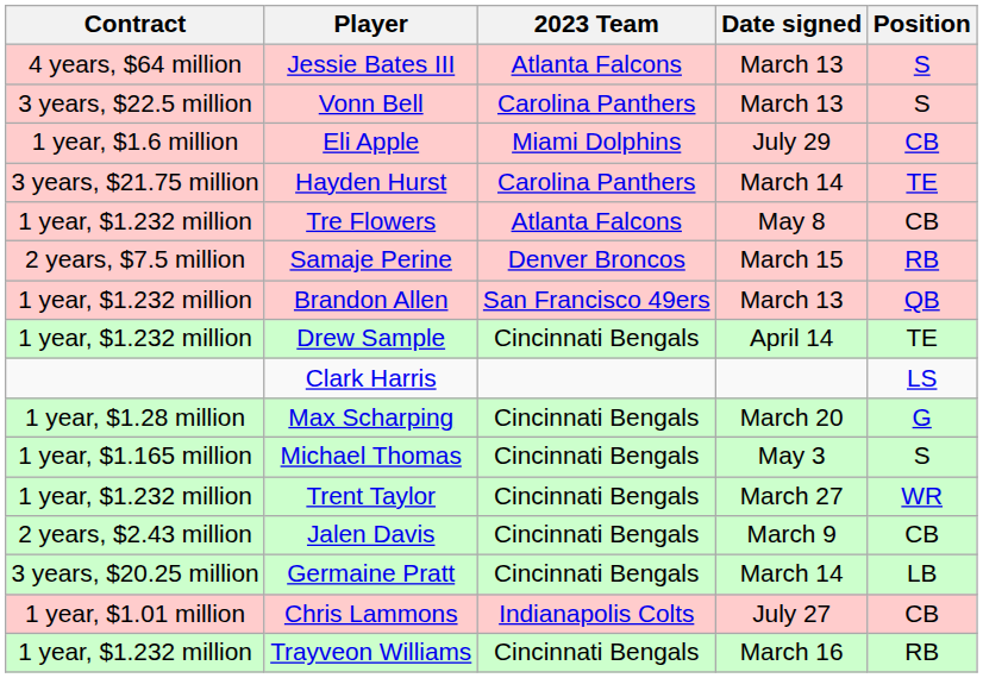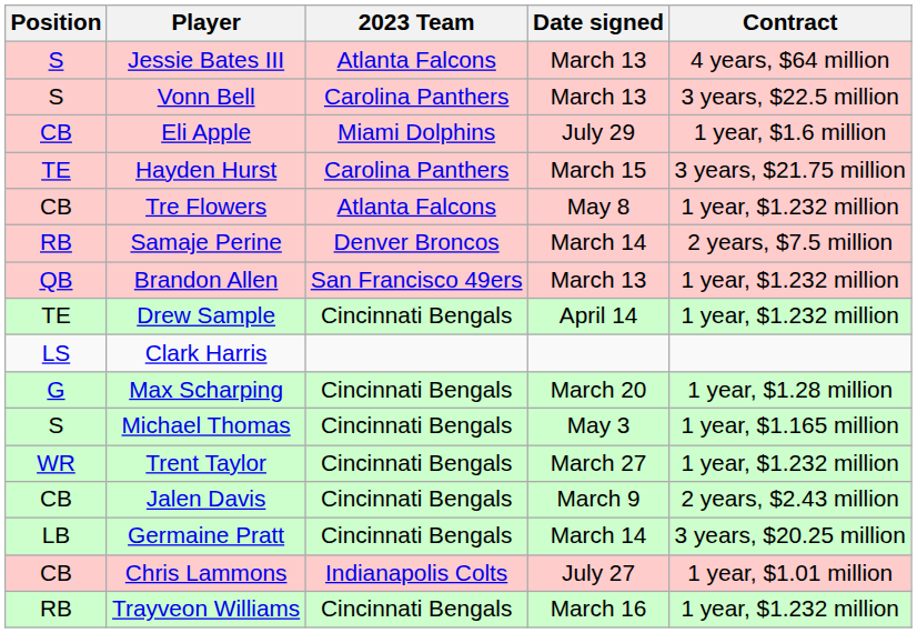 <table class="wikitable" style="text-align:center">
 <tr>
-<th>Contract</th>
+<th>Position</th>
 <th>Player</th>
 <th>2023 Team</th>
 <th>Date signed</th>
-<th>Position</th>
+<th>Contract</th>
 </tr>
 <tr style="background:#fcc;">
-<td>4 years, $64 million</td>
+<td><a href='#'>S</a></td>
 <td><a href='#'>Jessie Bates III</a></td>
 <td><a href='#'>Atlanta Falcons</a></td>
 <td>March 13</td>
-<td><a href='#'>S</a></td>
+<td>4 years, $64 million</td>
 </tr>
 <tr style="background:#fcc;">
-<td>3 years, $22.5 million</td>
+<td>S</td>
 <td><a href='#'>Vonn Bell</a></td>
 <td><a href='#'>Carolina Panthers</a></td>
 <td>March 13</td>
-<td>S</td>
+<td>3 years, $22.5 million</td>
 </tr>
 <tr style="background:#fcc;">
-<td>1 year, $1.6 million</td>
+<td><a href='#'>CB</a></td>
 <td><a href='#'>Eli Apple</a></td>
 <td><a href='#'>Miami Dolphins</a></td>
 <td>July 29</td>
-<td><a href='#'>CB</a></td>
+<td>1 year, $1.6 million</td>
 </tr>
 <tr style="background:#fcc;">
-<td>3 years, $21.75 million</td>
+<td><a href='#'>TE</a></td>
 <td><a href='#'>Hayden Hurst</a></td>
 <td><a href='#'>Carolina Panthers</a></td>
-<td>March 14</td>
-<td><a href='#'>TE</a></td>
+<td>March 15</td>
+<td>3 years, $21.75 million</td>
 </tr>
 <tr style="background:#fcc;">
-<td>1 year, $1.232 million</td>
+<td>CB</td>
 <td><a href='#'>Tre Flowers</a></td>
 <td><a href='#'>Atlanta Falcons</a></td>
 <td>May 8</td>
-<td>CB</td>
+<td>1 year, $1.232 million</td>
 </tr>
 <tr style="background:#fcc;">
-<td>2 years, $7.5 million</td>
+<td><a href='#'>RB</a></td>
 <td><a href='#'>Samaje Perine</a></td>
 <td><a href='#'>Denver Broncos</a></td>
-<td>March 15</td>
-<td><a href='#'>RB</a></td>
+<td>March 14</td>
+<td>2 years, $7.5 million</td>
 </tr>
 <tr style="background:#fcc;">
-<td>1 year, $1.232 million</td>
+<td><a href='#'>QB</a></td>
 <td><a href='#'>Brandon Allen</a></td>
 <td><a href='#'>San Francisco 49ers</a></td>
 <td>March 13</td>
-<td><a href='#'>QB</a></td>
+<td>1 year, $1.232 million</td>
 </tr>
 <tr style="background:#cfc;">
-<td>1 year, $1.232 million</td>
+<td>TE</td>
 <td><a href='#'>Drew Sample</a></td>
 <td>Cincinnati Bengals</td>
 <td>April 14</td>
-<td>TE</td>
+<td>1 year, $1.232 million</td>
 </tr>
 <tr>
-<td></td>
+<td><a href='#'>LS</a></td>
 <td><a href='#'>Clark Harris</a></td>
 <td></td>
 <td></td>
-<td><a href='#'>LS</a></td>
+<td></td>
 </tr>
 <tr style="background:#cfc;">
-<td>1 year, $1.28 million</td>
+<td><a href='#'>G</a></td>
 <td><a href='#'>Max Scharping</a></td>
 <td>Cincinnati Bengals</td>
 <td>March 20</td>
-<td><a href='#'>G</a></td>
+<td>1 year, $1.28 million</td>
 </tr>
 <tr style="background:#cfc;">
-<td>1 year, $1.165 million</td>
+<td>S</td>
 <td><a href='#'>Michael Thomas</a></td>
 <td>Cincinnati Bengals</td>
 <td>May 3</td>
-<td>S</td>
+<td>1 year, $1.165 million</td>
 </tr>
 <tr style="background:#cfc;">
-<td>1 year, $1.232 million</td>
+<td><a href='#'>WR</a></td>
 <td><a href='#'>Trent Taylor</a></td>
 <td>Cincinnati Bengals</td>
 <td>March 27</td>
-<td><a href='#'>WR</a></td>
+<td>1 year, $1.232 million</td>
 </tr>
 <tr style="background:#cfc;">
-<td>2 years, $2.43 million</td>
+<td>CB</td>
 <td><a href='#'>Jalen Davis</a></td>
 <td>Cincinnati Bengals</td>
 <td>March 9</td>
-<td>CB</td>
+<td>2 years, $2.43 million</td>
 </tr>
 <tr style="background:#cfc;">
-<td>3 years, $20.25 million</td>
+<td>LB</td>
 <td><a href='#'>Germaine Pratt</a></td>
 <td>Cincinnati Bengals</td>
 <td>March 14</td>
-<td>LB</td>
+<td>3 years, $20.25 million</td>
 </tr>
 <tr style="background:#fcc;">
-<td>1 year, $1.01 million</td>
+<td>CB</td>
 <td><a href='#'>Chris Lammons</a></td>
 <td><a href='#'>Indianapolis Colts</a></td>
 <td>July 27</td>
-<td>CB</td>
+<td>1 year, $1.01 million</td>
 </tr>
 <tr style="background:#cfc;">
-<td>1 year, $1.232 million</td>
+<td>RB</td>
 <td><a href='#'>Trayveon Williams</a></td>
 <td>Cincinnati Bengals</td>
 <td>March 16</td>
-<td>RB</td>
+<td>1 year, $1.232 million</td>
 </tr>
 </table>
